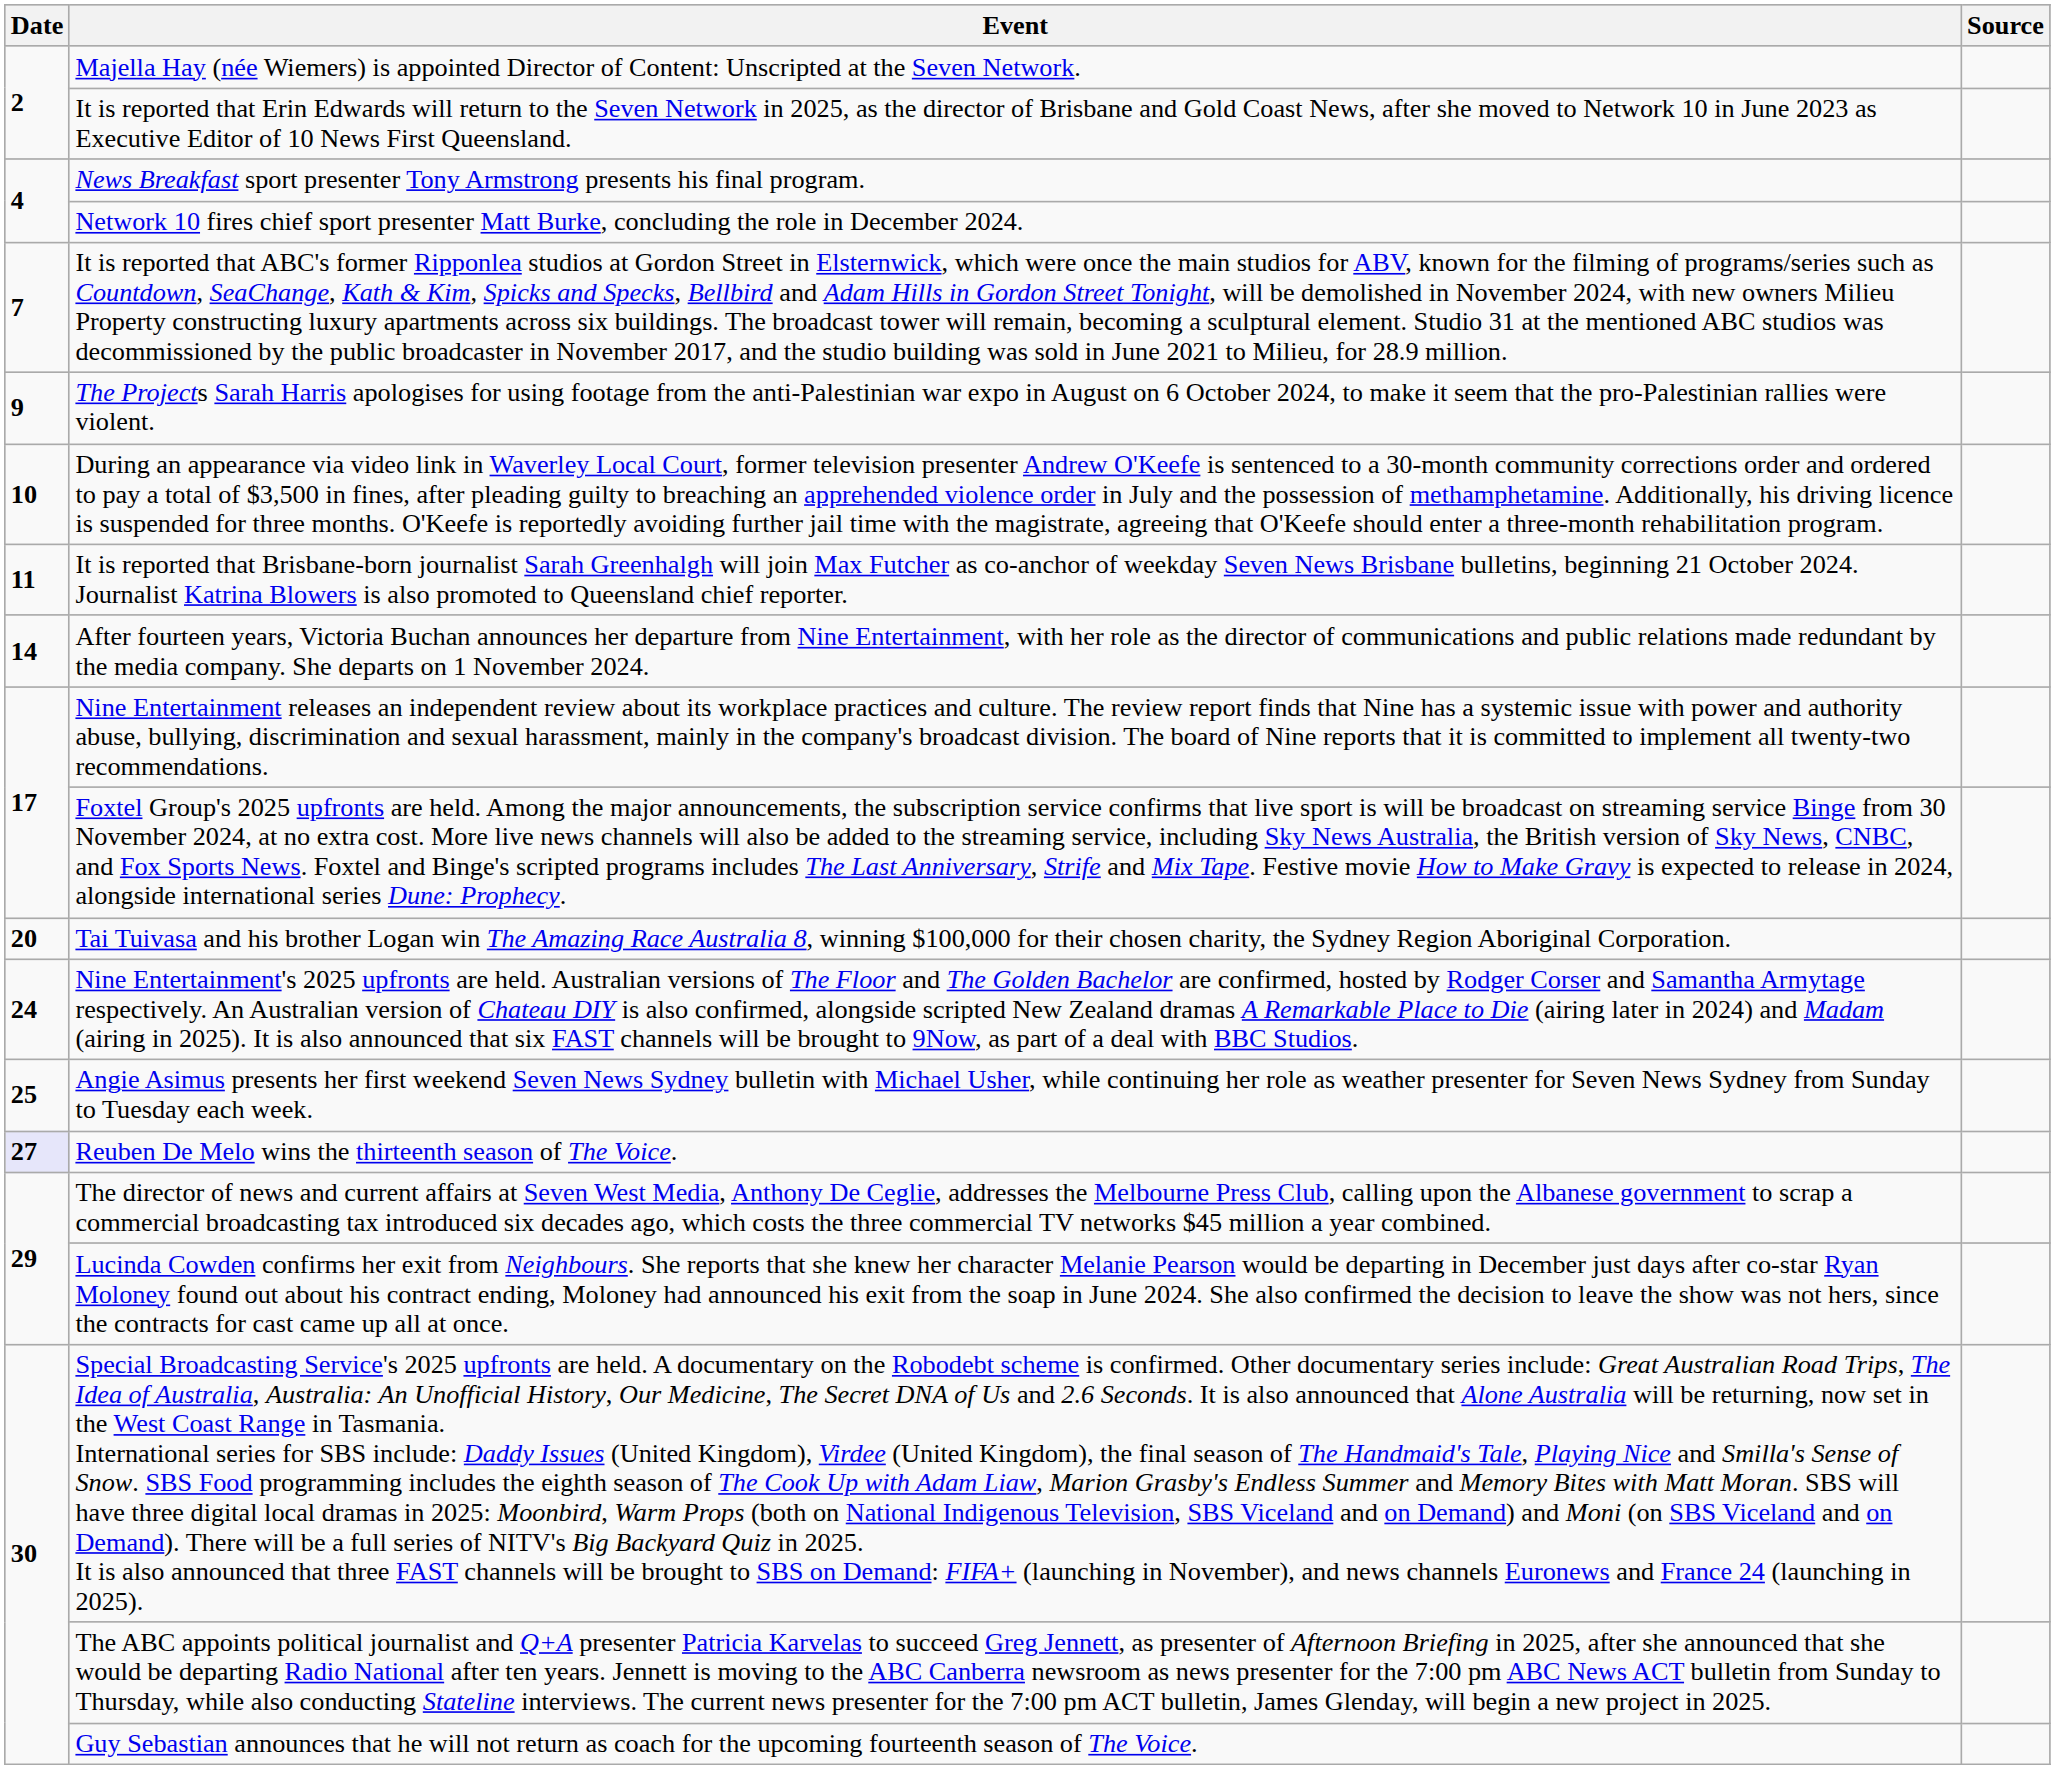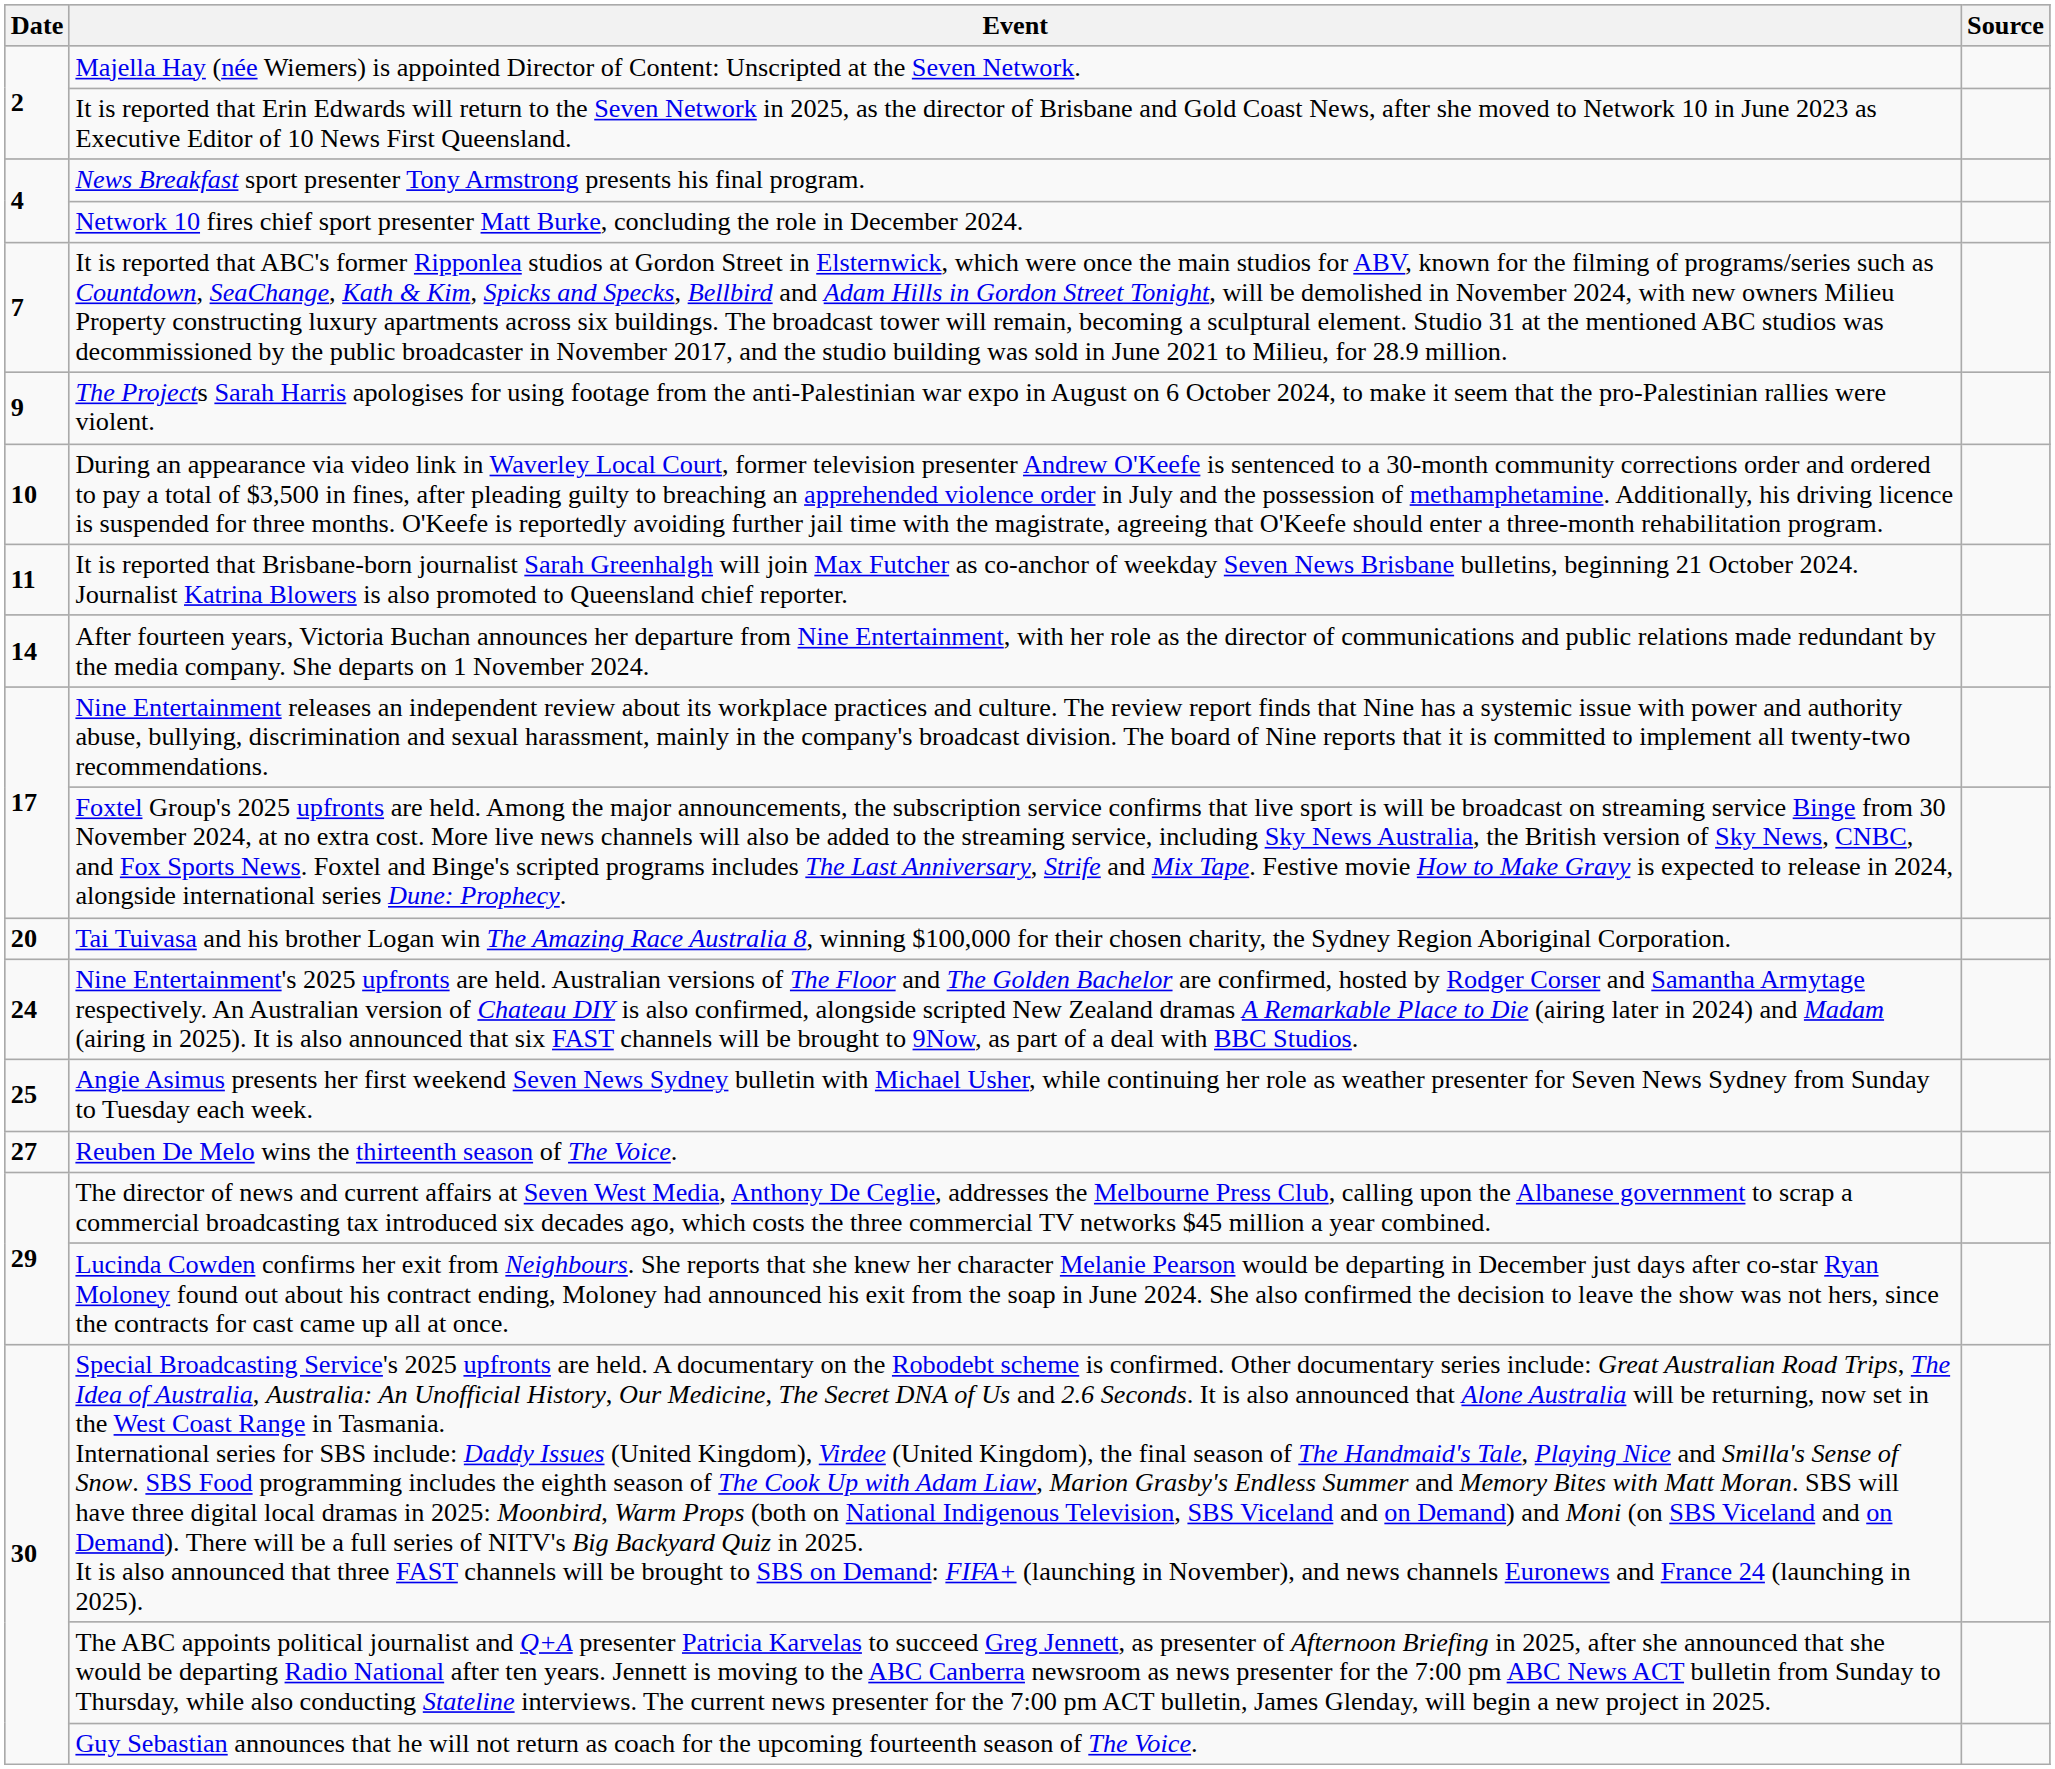 <table class="wikitable">
 <tr>
 <th>Date</th>
 <th>Event</th>
 <th>Source</th>
 </tr>
 <tr>
 <td rowspan=2><strong>2</strong></td>
 <td><a href='#'>Majella Hay</a> (<a href='#'>née</a> Wiemers) is appointed Director of Content: Unscripted at the <a href='#'>Seven Network</a>.</td>
 <td></td>
 </tr>
 <tr>
 <td>It is reported that Erin Edwards will return to the <a href='#'>Seven Network</a> in 2025, as the director of Brisbane and Gold Coast News, after she moved to Network 10 in June 2023 as Executive Editor of 10 News First Queensland.</td>
 <td></td>
 </tr>
 <tr>
 <td rowspan=2><strong>4</strong></td>
 <td><em><a href='#'>News Breakfast</a></em> sport presenter <a href='#'>Tony Armstrong</a> presents his final program.</td>
 <td></td>
 </tr>
 <tr>
 <td><a href='#'>Network 10</a> fires chief sport presenter <a href='#'>Matt Burke</a>, concluding the role in December 2024.</td>
 <td></td>
 </tr>
 <tr>
 <td><strong>7</strong></td>
 <td>It is reported that ABC's former <a href='#'>Ripponlea</a> studios at Gordon Street in <a href='#'>Elsternwick</a>, which were once the main studios for <a href='#'>ABV</a>, known for the filming of programs/series such as <em><a href='#'>Countdown</a></em>, <em><a href='#'>SeaChange</a></em>, <em><a href='#'>Kath & Kim</a></em>, <em><a href='#'>Spicks and Specks</a></em>, <em><a href='#'>Bellbird</a></em> and <em><a href='#'>Adam Hills in Gordon Street Tonight</a></em>, will be demolished in November 2024, with new owners Milieu Property constructing luxury apartments across six buildings. The broadcast tower will remain, becoming a sculptural element. Studio 31 at the mentioned ABC studios was decommissioned by the public broadcaster in November 2017, and the studio building was sold in June 2021 to Milieu, for 28.9 million.</td>
 <td></td>
 </tr>
 <tr>
 <td><strong>9</strong></td>
 <td><em><a href='#'>The Project</a></em>s <a href='#'>Sarah Harris</a> apologises for using footage from the anti-Palestinian war expo in August on 6 October 2024, to make it seem that the pro-Palestinian rallies were violent.</td>
 <td></td>
 </tr>
 <tr>
 <td><strong>10</strong></td>
 <td>During an appearance via video link in <a href='#'>Waverley Local Court</a>, former television presenter <a href='#'>Andrew O'Keefe</a> is sentenced to a 30-month community corrections order and ordered to pay a total of $3,500 in fines, after pleading guilty to breaching an <a href='#'>apprehended violence order</a> in July and the possession of <a href='#'>methamphetamine</a>. Additionally, his driving licence is suspended for three months. O'Keefe is reportedly avoiding further jail time with the magistrate, agreeing that O'Keefe should enter a three-month rehabilitation program.</td>
 <td></td>
 </tr>
 <tr>
 <td><strong>11</strong></td>
 <td>It is reported that Brisbane-born journalist <a href='#'>Sarah Greenhalgh</a> will join <a href='#'>Max Futcher</a> as co-anchor of weekday <a href='#'>Seven News Brisbane</a> bulletins, beginning 21 October 2024. Journalist <a href='#'>Katrina Blowers</a> is also promoted to Queensland chief reporter.</td>
 <td></td>
 </tr>
 <tr>
 <td><strong>14</strong></td>
 <td>After fourteen years, Victoria Buchan announces her departure from <a href='#'>Nine Entertainment</a>, with her role as the director of communications and public relations made redundant by the media company. She departs on 1 November 2024.</td>
 <td></td>
 </tr>
 <tr>
 <td rowspan=2><strong>17</strong></td>
 <td><a href='#'>Nine Entertainment</a> releases an independent review about its workplace practices and culture. The review report finds that Nine has a systemic issue with power and authority abuse, bullying, discrimination and sexual harassment, mainly in the company's broadcast division. The board of Nine reports that it is committed to implement all twenty-two recommendations.</td>
 <td></td>
 </tr>
 <tr>
 <td><a href='#'>Foxtel</a> Group's 2025 <a href='#'>upfronts</a> are held. Among the major announcements, the subscription service confirms that live sport is will be broadcast on streaming service <a href='#'>Binge</a> from 30 November 2024, at no extra cost. More live news channels will also be added to the streaming service, including <a href='#'>Sky News Australia</a>, the British version of <a href='#'>Sky News</a>, <a href='#'>CNBC</a>, and <a href='#'>Fox Sports News</a>. Foxtel and Binge's scripted programs includes <em><a href='#'>The Last Anniversary</a></em>, <em><a href='#'>Strife</a></em> and <em><a href='#'>Mix Tape</a></em>. Festive movie <em><a href='#'>How to Make Gravy</a></em> is expected to release in 2024, alongside international series <em><a href='#'>Dune: Prophecy</a></em>.</td>
 <td></td>
 </tr>
 <tr>
 <td><strong>20</strong></td>
 <td><a href='#'>Tai Tuivasa</a> and his brother Logan win <em><a href='#'>The Amazing Race Australia 8</a></em>, winning $100,000 for their chosen charity, the Sydney Region Aboriginal Corporation.</td>
 <td></td>
 </tr>
 <tr>
 <td><strong>24</strong></td>
 <td><a href='#'>Nine Entertainment</a>'s 2025 <a href='#'>upfronts</a> are held. Australian versions of <em><a href='#'>The Floor</a></em> and <em><a href='#'>The Golden Bachelor</a></em> are confirmed, hosted by <a href='#'>Rodger Corser</a> and <a href='#'>Samantha Armytage</a> respectively. An Australian version of <em><a href='#'>Chateau DIY</a></em> is also confirmed, alongside scripted New Zealand dramas <em><a href='#'>A Remarkable Place to Die</a></em> (airing later in 2024) and <em><a href='#'>Madam</a></em> (airing in 2025). It is also announced that six <a href='#'>FAST</a> channels will be brought to <a href='#'>9Now</a>, as part of a deal with <a href='#'>BBC Studios</a>.</td>
 <td></td>
 </tr>
 <tr>
 <td><strong>25</strong></td>
 <td><a href='#'>Angie Asimus</a> presents her first weekend <a href='#'>Seven News Sydney</a> bulletin with <a href='#'>Michael Usher</a>, while continuing her role as weather presenter for Seven News Sydney from Sunday to Tuesday each week.</td>
 <td></td>
 </tr>
 <tr>
-<td style="background: lavender;"><strong>27</strong></td>
+<td><strong>27</strong></td>
 <td><a href='#'>Reuben De Melo</a> wins the <a href='#'>thirteenth season</a> of <em><a href='#'>The Voice</a></em>.</td>
 <td></td>
 </tr>
 <tr>
 <td rowspan=2><strong>29</strong></td>
 <td>The director of news and current affairs at <a href='#'>Seven West Media</a>, <a href='#'>Anthony De Ceglie</a>, addresses the <a href='#'>Melbourne Press Club</a>, calling upon the <a href='#'>Albanese government</a> to scrap a commercial broadcasting tax introduced six decades ago, which costs the three commercial TV networks $45 million a year combined.</td>
 <td></td>
 </tr>
 <tr>
 <td><a href='#'>Lucinda Cowden</a> confirms her exit from <em><a href='#'>Neighbours</a></em>. She reports that she knew her character <a href='#'>Melanie Pearson</a> would be departing in December just days after co-star <a href='#'>Ryan Moloney</a> found out about his contract ending, Moloney had announced his exit from the soap in June 2024. She also confirmed the decision to leave the show was not hers, since the contracts for cast came up all at once.</td>
 <td></td>
 </tr>
 <tr>
 <td rowspan=3><strong>30</strong></td>
 <td><a href='#'>Special Broadcasting Service</a>'s 2025 <a href='#'>upfronts</a> are held. A documentary on the <a href='#'>Robodebt scheme</a> is confirmed. Other documentary series include: <em>Great Australian Road Trips</em>, <em><a href='#'>The Idea of Australia</a></em>, <em>Australia: An Unofficial History</em>, <em>Our Medicine</em>, <em>The Secret DNA of Us</em> and <em>2.6 Seconds</em>. It is also announced that <em><a href='#'>Alone Australia</a></em> will be returning, now set in the <a href='#'>West Coast Range</a> in Tasmania.<br>International series for SBS include: <em><a href='#'>Daddy Issues</a></em> (United Kingdom), <em><a href='#'>Virdee</a></em> (United Kingdom), the final season of <em><a href='#'>The Handmaid's Tale</a></em>, <em><a href='#'>Playing Nice</a></em> and <em>Smilla's Sense of Snow</em>. <a href='#'>SBS Food</a> programming includes the eighth season of <em><a href='#'>The Cook Up with Adam Liaw</a></em>, <em>Marion Grasby's Endless Summer</em> and <em>Memory Bites with Matt Moran</em>. SBS will have three digital local dramas in 2025: <em>Moonbird</em>, <em>Warm Props</em> (both on <a href='#'>National Indigenous Television</a>, <a href='#'>SBS Viceland</a> and <a href='#'>on Demand</a>) and <em>Moni</em> (on <a href='#'>SBS Viceland</a> and <a href='#'>on Demand</a>). There will be a full series of NITV's <em>Big Backyard Quiz</em> in 2025.<br>It is also announced that three <a href='#'>FAST</a> channels will be brought to <a href='#'>SBS on Demand</a>: <em><a href='#'>FIFA+</a></em> (launching in November), and news channels <a href='#'>Euronews</a> and <a href='#'>France 24</a> (launching in 2025).</td>
 <td></td>
 </tr>
 <tr>
 <td>The ABC appoints political journalist and <a href='#'><em>Q+A</em></a> presenter <a href='#'>Patricia Karvelas</a> to succeed <a href='#'>Greg Jennett</a>, as presenter of <em>Afternoon Briefing</em> in 2025, after she announced that she would be departing <a href='#'>Radio National</a> after ten years. Jennett is moving to the <a href='#'>ABC Canberra</a> newsroom as news presenter for the 7:00 pm <a href='#'>ABC News ACT</a> bulletin from Sunday to Thursday, while also conducting <em><a href='#'>Stateline</a></em> interviews. The current news presenter for the 7:00 pm ACT bulletin, James Glenday, will begin a new project in 2025.</td>
 <td></td>
 </tr>
 <tr>
 <td><a href='#'>Guy Sebastian</a> announces that he will not return as coach for the upcoming fourteenth season of <em><a href='#'>The Voice</a></em>.</td>
 <td></td>
 </tr>
 <tr>
 </tr>
 </table>
